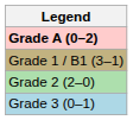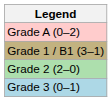 <table class="wikitable" style="font-size:85%;">
 <tr>
 <th>Legend</th>
 </tr>
 <tr bgcolor="ffcccc">
-<td><strong>Grade A (0–2)</strong></td>
+<td>Grade A (0–2)</td>
 </tr>
 <tr bgcolor="C2B280">
 <td>Grade 1 / B1 (3–1)</td>
 </tr>
 <tr bgcolor="ADDFAD">
 <td>Grade 2 (2–0)</td>
 </tr>
 <tr bgcolor="lightblue">
 <td>Grade 3 (0–1)</td>
 </tr>
 </table>
